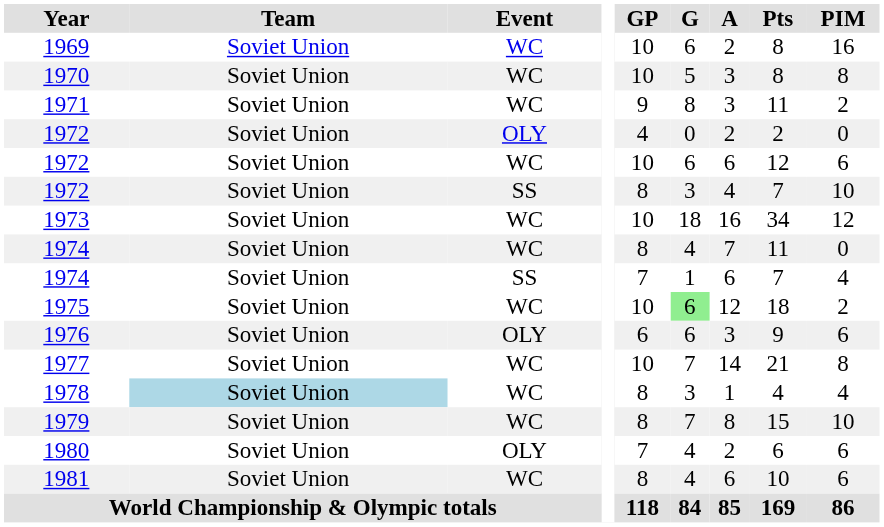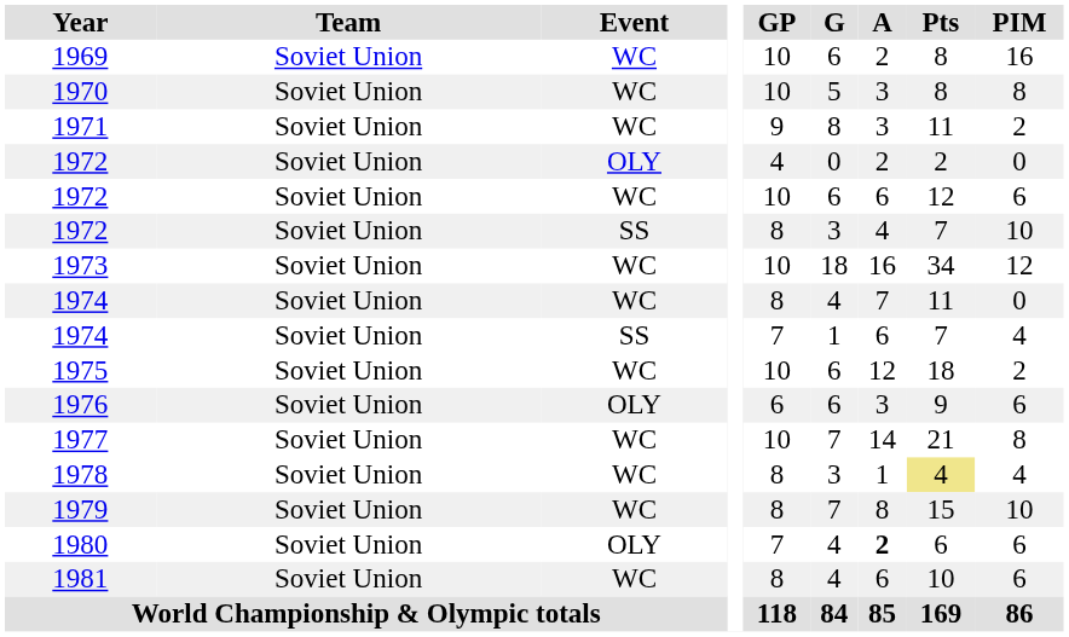 <table border="0" cellpadding="1" cellspacing="0" style="text-align:center; width:38em">
 <tr ALIGN="center" bgcolor="#e0e0e0">
 <th>Year</th>
 <th>Team</th>
 <th>Event</th>
 <th rowspan="99" bgcolor="#ffffff"> </th>
 <th>GP</th>
 <th>G</th>
 <th>A</th>
 <th>Pts</th>
 <th>PIM</th>
 </tr>
 <tr>
 <td><a href='#'>1969</a></td>
 <td><a href='#'>Soviet Union</a></td>
 <td><a href='#'>WC</a></td>
 <td>10</td>
 <td>6</td>
 <td>2</td>
 <td>8</td>
 <td>16</td>
 </tr>
 <tr bgcolor="#f0f0f0">
 <td><a href='#'>1970</a></td>
 <td>Soviet Union</td>
 <td>WC</td>
 <td>10</td>
 <td>5</td>
 <td>3</td>
 <td>8</td>
 <td>8</td>
 </tr>
 <tr>
 <td><a href='#'>1971</a></td>
 <td>Soviet Union</td>
 <td>WC</td>
 <td>9</td>
 <td>8</td>
 <td>3</td>
 <td>11</td>
 <td>2</td>
 </tr>
 <tr bgcolor="#f0f0f0">
 <td><a href='#'>1972</a></td>
 <td>Soviet Union</td>
 <td><a href='#'>OLY</a></td>
 <td>4</td>
 <td>0</td>
 <td>2</td>
 <td>2</td>
 <td>0</td>
 </tr>
 <tr>
 <td><a href='#'>1972</a></td>
 <td>Soviet Union</td>
 <td>WC</td>
 <td>10</td>
 <td>6</td>
 <td>6</td>
 <td>12</td>
 <td>6</td>
 </tr>
 <tr bgcolor="#f0f0f0">
 <td><a href='#'>1972</a></td>
 <td>Soviet Union</td>
 <td>SS</td>
 <td>8</td>
 <td>3</td>
 <td>4</td>
 <td>7</td>
 <td>10</td>
 </tr>
 <tr>
 <td><a href='#'>1973</a></td>
 <td>Soviet Union</td>
 <td>WC</td>
 <td>10</td>
 <td>18</td>
 <td>16</td>
 <td>34</td>
 <td>12</td>
 </tr>
 <tr bgcolor="#f0f0f0">
 <td><a href='#'>1974</a></td>
 <td>Soviet Union</td>
 <td>WC</td>
 <td>8</td>
 <td>4</td>
 <td>7</td>
 <td>11</td>
 <td>0</td>
 </tr>
 <tr>
 <td><a href='#'>1974</a></td>
 <td>Soviet Union</td>
 <td>SS</td>
 <td>7</td>
 <td>1</td>
 <td>6</td>
 <td>7</td>
 <td>4</td>
 </tr>
 <tr>
 <td><a href='#'>1975</a></td>
 <td>Soviet Union</td>
 <td>WC</td>
 <td>10</td>
-<td style="background: lightgreen;">6</td>
+<td>6</td>
 <td>12</td>
 <td>18</td>
 <td>2</td>
 </tr>
 <tr bgcolor="#f0f0f0">
 <td><a href='#'>1976</a></td>
 <td>Soviet Union</td>
 <td>OLY</td>
 <td>6</td>
 <td>6</td>
 <td>3</td>
 <td>9</td>
 <td>6</td>
 </tr>
 <tr>
 <td><a href='#'>1977</a></td>
 <td>Soviet Union</td>
 <td>WC</td>
 <td>10</td>
 <td>7</td>
 <td>14</td>
 <td>21</td>
 <td>8</td>
 </tr>
 <tr>
 <td><a href='#'>1978</a></td>
-<td style="background: lightblue;">Soviet Union</td>
+<td>Soviet Union</td>
 <td>WC</td>
 <td>8</td>
 <td>3</td>
 <td>1</td>
-<td>4</td>
+<td style="background: khaki;">4</td>
 <td>4</td>
 </tr>
 <tr bgcolor="#f0f0f0">
 <td><a href='#'>1979</a></td>
 <td>Soviet Union</td>
 <td>WC</td>
 <td>8</td>
 <td>7</td>
 <td>8</td>
 <td>15</td>
 <td>10</td>
 </tr>
 <tr>
 <td><a href='#'>1980</a></td>
 <td>Soviet Union</td>
 <td>OLY</td>
 <td>7</td>
 <td>4</td>
-<td>2</td>
+<td><strong>2</strong></td>
 <td>6</td>
 <td>6</td>
 </tr>
 <tr bgcolor="#f0f0f0">
 <td><a href='#'>1981</a></td>
 <td>Soviet Union</td>
 <td>WC</td>
 <td>8</td>
 <td>4</td>
 <td>6</td>
 <td>10</td>
 <td>6</td>
 </tr>
 <tr bgcolor="#e0e0e0">
 <th colspan=3>World Championship & Olympic totals</th>
 <th>118</th>
 <th>84</th>
 <th>85</th>
 <th>169</th>
 <th>86</th>
 </tr>
 </table>
